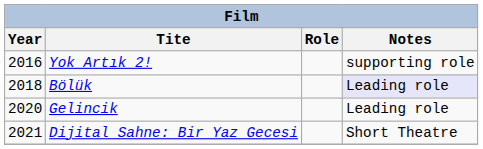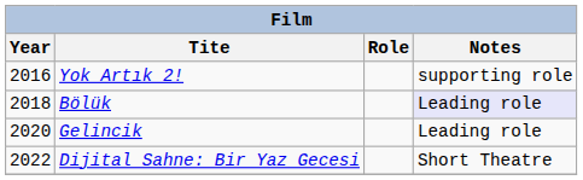 <table class="wikitable">
 <tr>
 <th colspan="4" style="background:LightSteelBlue">Film</th>
 </tr>
 <tr>
 <th>Year</th>
 <th>Tite</th>
 <th>Role</th>
 <th>Notes</th>
 </tr>
 <tr>
 <td>2016</td>
 <td><em><a href='#'>Yok Artık 2!</a></em></td>
 <td></td>
 <td>supporting role</td>
 </tr>
 <tr>
 <td>2018</td>
 <td><em><a href='#'>Bölük</a></em></td>
 <td></td>
 <td style="background: lavender;">Leading role</td>
 </tr>
 <tr>
 <td>2020</td>
 <td><em><a href='#'>Gelincik</a></em></td>
 <td></td>
 <td>Leading role</td>
 </tr>
 <tr>
-<td>2021</td>
+<td>2022</td>
 <td><em><a href='#'>Dijital Sahne: Bir Yaz Gecesi</a></em></td>
 <td></td>
 <td>Short Theatre</td>
 </tr>
 <tr>
 </tr>
 </table>
